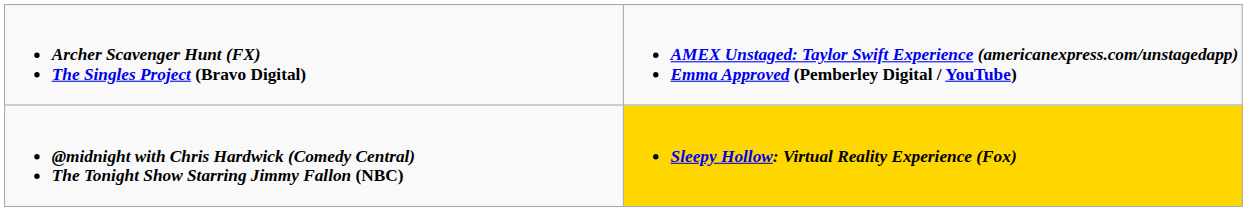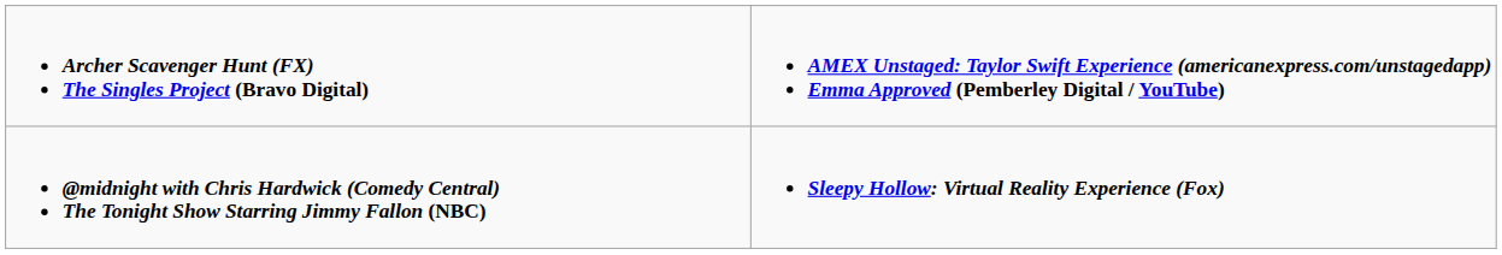 <table class="wikitable">
 <tr>
 <td style="vertical-align:top;" width="50%"><br><ul><li><strong><em>Archer Scavenger Hunt<em> (FX)<strong></li><li></em></strong><a href='#'>The Singles Project</a></em> (Bravo Digital)</strong></li></ul></td>
 <td style="vertical-align:top;" width="50%"><br><ul><li><strong><em><a href='#'>AMEX Unstaged: Taylor Swift Experience</a><em> (americanexpress.com/unstagedapp)<strong></li><li></em></strong><a href='#'>Emma Approved</a></em> (Pemberley Digital / <a href='#'>YouTube</a>)</strong></li></ul></td>
 </tr>
 <tr>
 <td style="vertical-align:top;" width="50%"><br><ul><li><strong><em>@midnight with Chris Hardwick<em> (Comedy Central)<strong></li><li></em></strong>The Tonight Show Starring Jimmy Fallon</em> (NBC)</strong></li></ul></td>
-<td style="background: gold; vertical-align:top;" width="50%"><br><ul><li><strong><em><a href='#'>Sleepy Hollow</a>: Virtual Reality Experience<em> (Fox)<strong></li></ul></td>
+<td style="vertical-align:top;" width="50%"><br><ul><li><strong><em><a href='#'>Sleepy Hollow</a>: Virtual Reality Experience<em> (Fox)<strong></li></ul></td>
 </tr>
 </table>
